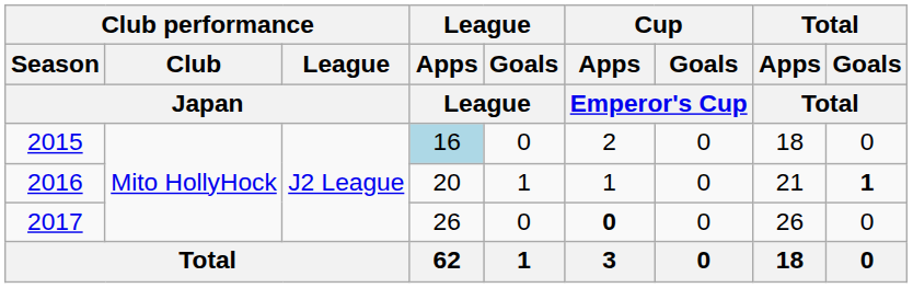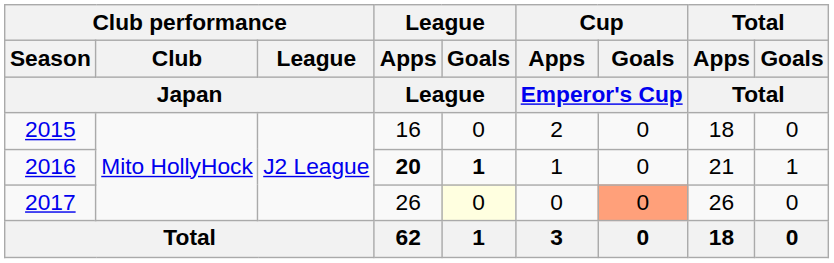 <table class="wikitable" style="text-align:center;">
 <tr>
 <th colspan=3>Club performance</th>
 <th colspan=2>League</th>
 <th colspan=2>Cup</th>
 <th colspan=2>Total</th>
 </tr>
 <tr>
 <th>Season</th>
 <th>Club</th>
 <th>League</th>
 <th>Apps</th>
 <th>Goals</th>
 <th>Apps</th>
 <th>Goals</th>
 <th>Apps</th>
 <th>Goals</th>
 </tr>
 <tr>
 <th colspan=3>Japan</th>
 <th colspan=2>League</th>
 <th colspan=2><a href='#'>Emperor's Cup</a></th>
 <th colspan=2>Total</th>
 </tr>
 <tr>
 <td><a href='#'>2015</a></td>
 <td rowspan="3"><a href='#'>Mito HollyHock</a></td>
 <td rowspan="3"><a href='#'>J2 League</a></td>
-<td style="background: lightblue;">16</td>
+<td>16</td>
 <td>0</td>
 <td>2</td>
 <td>0</td>
 <td>18</td>
 <td>0</td>
 </tr>
 <tr>
 <td><a href='#'>2016</a></td>
-<td>20</td>
-<td>1</td>
+<td><strong>20</strong></td>
+<td><strong>1</strong></td>
 <td>1</td>
 <td>0</td>
 <td>21</td>
-<td><strong>1</strong></td>
+<td>1</td>
 </tr>
 <tr>
 <td><a href='#'>2017</a></td>
 <td>26</td>
+<td style="background: lightyellow;">0</td>
 <td>0</td>
-<td><strong>0</strong></td>
-<td>0</td>
+<td style="background: lightsalmon;">0</td>
 <td>26</td>
 <td>0</td>
 </tr>
 <tr>
 <th colspan=3>Total</th>
 <th>62</th>
 <th>1</th>
 <th>3</th>
 <th>0</th>
 <th>18</th>
 <th>0</th>
 </tr>
 </table>
